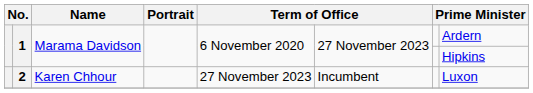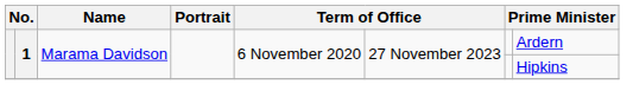 <table class="wikitable">
 <tr>
 <th colspan="2">No.</th>
 <th>Name</th>
 <th>Portrait</th>
 <th colspan="2">Term of Office</th>
 <th colspan="2">Prime Minister</th>
 </tr>
 <tr>
 <th rowspan=2 style="color:inherit;background:"></th>
 <th rowspan=2>1</th>
 <td rowspan=2><a href='#'>Marama Davidson</a></td>
 <td rowspan=2></td>
 <td rowspan=2>6 November 2020</td>
 <td rowspan=2>27 November 2023</td>
 <td width=1 style="color:inherit;background:"></td>
 <td><a href='#'>Ardern</a></td>
 </tr>
 <tr>
 <td width=1 style="color:inherit;background:"></td>
 <td><a href='#'>Hipkins</a></td>
 </tr>
 <tr>
-<th style="color:inherit;background:"></th>
-<th>2</th>
-<td><a href='#'>Karen Chhour</a></td>
-<td></td>
-<td>27 November 2023</td>
-<td>Incumbent</td>
-<td width=1 style="color:inherit;background:"></td>
-<td><a href='#'>Luxon</a></td>
-</tr>
-<tr>
 </tr>
 </table>
